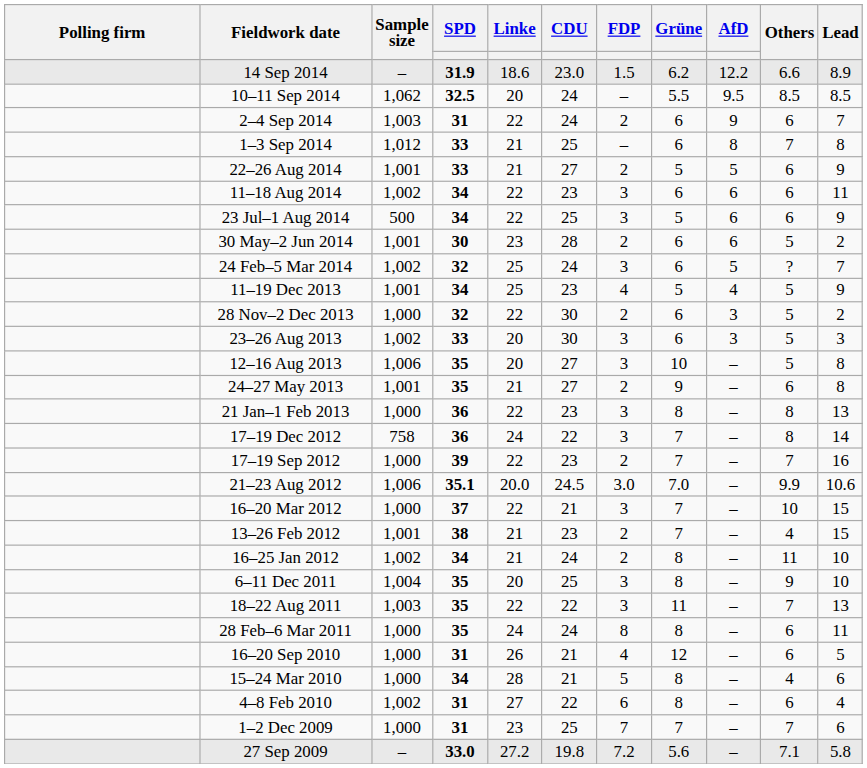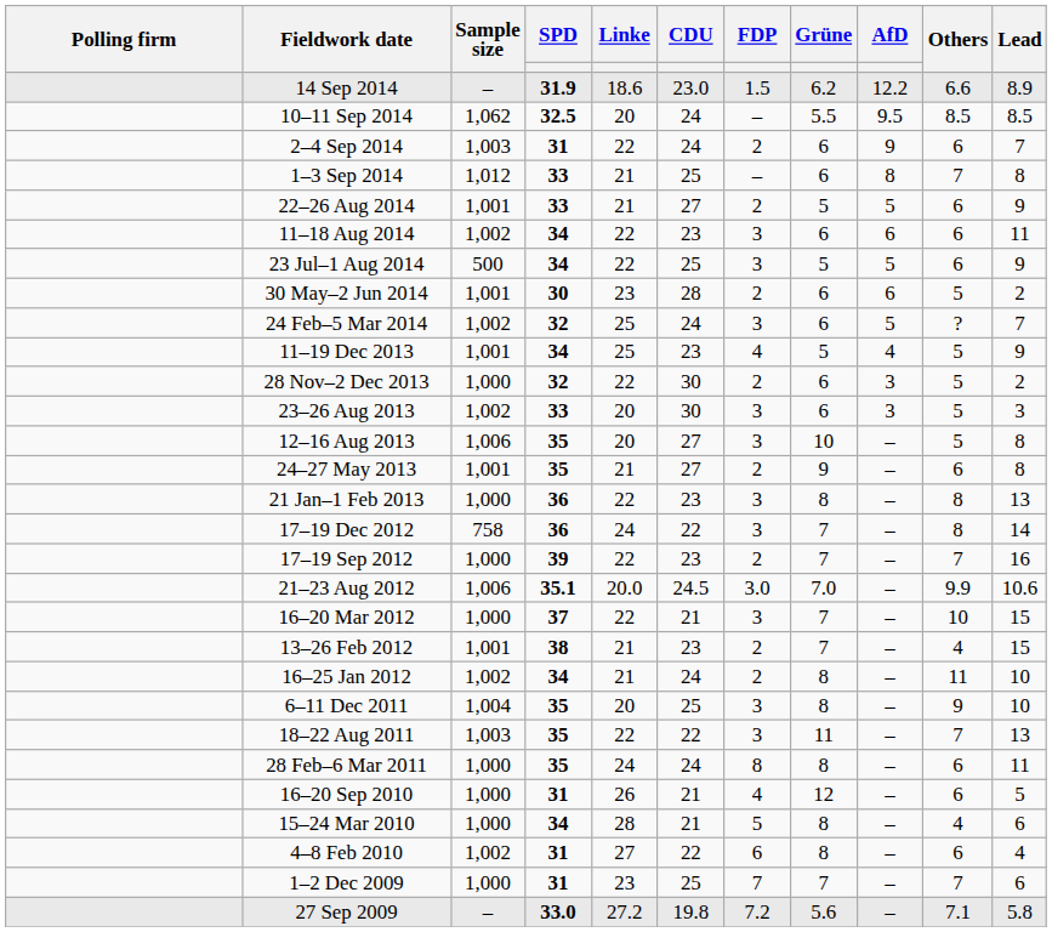 <table class="wikitable sortable" style="text-align:center;font-size:90%;line-height:14px;">
 <tr style="height:40px;">
 <th style="width:160px;" rowspan="2">Polling firm</th>
 <th style="width:140px;" rowspan="2">Fieldwork date</th>
 <th style="width:35px;" rowspan="2">Sample<br>size</th>
 <th class="unsortable" style="width:40px;"><a href='#'>SPD</a></th>
 <th class="unsortable" style="width:40px;"><a href='#'>Linke</a></th>
 <th class="unsortable" style="width:40px;"><a href='#'>CDU</a></th>
 <th class="unsortable" style="width:40px;"><a href='#'>FDP</a></th>
 <th class="unsortable" style="width:40px;"><a href='#'>Grüne</a></th>
 <th class="unsortable" style="width:40px;"><a href='#'>AfD</a></th>
 <th class="unsortable" style="width:40px;" rowspan="2">Others</th>
 <th style="width:30px;" rowspan="2">Lead</th>
 </tr>
 <tr>
 <th style="background:"></th>
 <th style="background:"></th>
 <th style="background:"></th>
 <th style="background:"></th>
 <th style="background:"></th>
 <th style="background:"></th>
 </tr>
 <tr style="background:#E9E9E9;">
 <td></td>
 <td data-sort-value="2014-09-14">14 Sep 2014</td>
 <td>–</td>
 <td><strong>31.9</strong></td>
 <td>18.6</td>
 <td>23.0</td>
 <td>1.5</td>
 <td>6.2</td>
 <td>12.2</td>
 <td>6.6</td>
 <td style="background:">8.9</td>
 </tr>
 <tr>
 <td></td>
 <td data-sort-value="2014-09-11">10–11 Sep 2014</td>
 <td>1,062</td>
 <td><strong>32.5</strong></td>
 <td>20</td>
 <td>24</td>
 <td>–</td>
 <td>5.5</td>
 <td>9.5</td>
 <td>8.5</td>
 <td style="background:">8.5</td>
 </tr>
 <tr>
 <td></td>
 <td data-sort-value="2014-09-04">2–4 Sep 2014</td>
 <td>1,003</td>
 <td><strong>31</strong></td>
 <td>22</td>
 <td>24</td>
 <td>2</td>
 <td>6</td>
 <td>9</td>
 <td>6</td>
 <td style="background:">7</td>
 </tr>
 <tr>
 <td></td>
 <td data-sort-value="2014-09-04">1–3 Sep 2014</td>
 <td>1,012</td>
 <td><strong>33</strong></td>
 <td>21</td>
 <td>25</td>
 <td>–</td>
 <td>6</td>
 <td>8</td>
 <td>7</td>
 <td style="background:">8</td>
 </tr>
 <tr>
 <td></td>
 <td data-sort-value="2014-08-27">22–26 Aug 2014</td>
 <td>1,001</td>
 <td><strong>33</strong></td>
 <td>21</td>
 <td>27</td>
 <td>2</td>
 <td>5</td>
 <td>5</td>
 <td>6</td>
 <td style="background:">9</td>
 </tr>
 <tr>
 <td></td>
 <td data-sort-value="2014-08-23">11–18 Aug 2014</td>
 <td>1,002</td>
 <td><strong>34</strong></td>
 <td>22</td>
 <td>23</td>
 <td>3</td>
 <td>6</td>
 <td>6</td>
 <td>6</td>
 <td style="background:">11</td>
 </tr>
 <tr>
 <td></td>
 <td data-sort-value="2014-08-08">23 Jul–1 Aug 2014</td>
 <td>500</td>
 <td><strong>34</strong></td>
 <td>22</td>
 <td>25</td>
 <td>3</td>
 <td>5</td>
-<td>6</td>
+<td>5</td>
 <td>6</td>
 <td style="background:">9</td>
 </tr>
 <tr>
 <td></td>
 <td data-sort-value="2014-06-04">30 May–2 Jun 2014</td>
 <td>1,001</td>
 <td><strong>30</strong></td>
 <td>23</td>
 <td>28</td>
 <td>2</td>
 <td>6</td>
 <td>6</td>
 <td>5</td>
 <td style="background:">2</td>
 </tr>
 <tr>
 <td></td>
 <td data-sort-value="2014-03-14">24 Feb–5 Mar 2014</td>
 <td>1,002</td>
 <td><strong>32</strong></td>
 <td>25</td>
 <td>24</td>
 <td>3</td>
 <td>6</td>
 <td>5</td>
 <td>?</td>
 <td style="background:">7</td>
 </tr>
 <tr>
 <td></td>
 <td data-sort-value="2014-01-05">11–19 Dec 2013</td>
 <td>1,001</td>
 <td><strong>34</strong></td>
 <td>25</td>
 <td>23</td>
 <td>4</td>
 <td>5</td>
 <td>4</td>
 <td>5</td>
 <td style="background:">9</td>
 </tr>
 <tr>
 <td></td>
 <td data-sort-value="2013-12-04">28 Nov–2 Dec 2013</td>
 <td>1,000</td>
 <td><strong>32</strong></td>
 <td>22</td>
 <td>30</td>
 <td>2</td>
 <td>6</td>
 <td>3</td>
 <td>5</td>
 <td style="background:">2</td>
 </tr>
 <tr>
 <td></td>
 <td data-sort-value="2013-08-28">23–26 Aug 2013</td>
 <td>1,002</td>
 <td><strong>33</strong></td>
 <td>20</td>
 <td>30</td>
 <td>3</td>
 <td>6</td>
 <td>3</td>
 <td>5</td>
 <td style="background:">3</td>
 </tr>
 <tr>
 <td></td>
 <td data-sort-value="2013-08-26">12–16 Aug 2013</td>
 <td>1,006</td>
 <td><strong>35</strong></td>
 <td>20</td>
 <td>27</td>
 <td>3</td>
 <td>10</td>
 <td>–</td>
 <td>5</td>
 <td style="background:">8</td>
 </tr>
 <tr>
 <td></td>
 <td data-sort-value="2013-05-29">24–27 May 2013</td>
 <td>1,001</td>
 <td><strong>35</strong></td>
 <td>21</td>
 <td>27</td>
 <td>2</td>
 <td>9</td>
 <td>–</td>
 <td>6</td>
 <td style="background:">8</td>
 </tr>
 <tr>
 <td></td>
 <td data-sort-value="2013-02-26">21 Jan–1 Feb 2013</td>
 <td>1,000</td>
 <td><strong>36</strong></td>
 <td>22</td>
 <td>23</td>
 <td>3</td>
 <td>8</td>
 <td>–</td>
 <td>8</td>
 <td style="background:">13</td>
 </tr>
 <tr>
 <td></td>
 <td data-sort-value="2013-01-02">17–19 Dec 2012</td>
 <td>758</td>
 <td><strong>36</strong></td>
 <td>24</td>
 <td>22</td>
 <td>3</td>
 <td>7</td>
 <td>–</td>
 <td>8</td>
 <td style="background:">14</td>
 </tr>
 <tr>
 <td></td>
 <td data-sort-value="2012-09-20">17–19 Sep 2012</td>
 <td>1,000</td>
 <td><strong>39</strong></td>
 <td>22</td>
 <td>23</td>
 <td>2</td>
 <td>7</td>
 <td>–</td>
 <td>7</td>
 <td style="background:">16</td>
 </tr>
 <tr>
 <td></td>
 <td data-sort-value="2012-08-27">21–23 Aug 2012</td>
 <td>1,006</td>
 <td><strong>35.1</strong></td>
 <td>20.0</td>
 <td>24.5</td>
 <td>3.0</td>
 <td>7.0</td>
 <td>–</td>
 <td>9.9</td>
 <td style="background:">10.6</td>
 </tr>
 <tr>
 <td></td>
 <td data-sort-value="2012-03-21">16–20 Mar 2012</td>
 <td>1,000</td>
 <td><strong>37</strong></td>
 <td>22</td>
 <td>21</td>
 <td>3</td>
 <td>7</td>
 <td>–</td>
 <td>10</td>
 <td style="background:">15</td>
 </tr>
 <tr>
 <td></td>
 <td data-sort-value="2012-03-07">13–26 Feb 2012</td>
 <td>1,001</td>
 <td><strong>38</strong></td>
 <td>21</td>
 <td>23</td>
 <td>2</td>
 <td>7</td>
 <td>–</td>
 <td>4</td>
 <td style="background:">15</td>
 </tr>
 <tr>
 <td></td>
 <td data-sort-value="2012-02-08">16–25 Jan 2012</td>
 <td>1,002</td>
 <td><strong>34</strong></td>
 <td>21</td>
 <td>24</td>
 <td>2</td>
 <td>8</td>
 <td>–</td>
 <td>11</td>
 <td style="background:">10</td>
 </tr>
 <tr>
 <td></td>
 <td data-sort-value="2011-12-13">6–11 Dec 2011</td>
 <td>1,004</td>
 <td><strong>35</strong></td>
 <td>20</td>
 <td>25</td>
 <td>3</td>
 <td>8</td>
 <td>–</td>
 <td>9</td>
 <td style="background:">10</td>
 </tr>
 <tr>
 <td></td>
 <td data-sort-value="2011-08-24">18–22 Aug 2011</td>
 <td>1,003</td>
 <td><strong>35</strong></td>
 <td>22</td>
 <td>22</td>
 <td>3</td>
 <td>11</td>
 <td>–</td>
 <td>7</td>
 <td style="background:">13</td>
 </tr>
 <tr>
 <td></td>
 <td data-sort-value="2011-03-10">28 Feb–6 Mar 2011</td>
 <td>1,000</td>
 <td><strong>35</strong></td>
 <td>24</td>
 <td>24</td>
 <td>8</td>
 <td>8</td>
 <td>–</td>
 <td>6</td>
 <td style="background:">11</td>
 </tr>
 <tr>
 <td></td>
 <td data-sort-value="2010-09-22">16–20 Sep 2010</td>
 <td>1,000</td>
 <td><strong>31</strong></td>
 <td>26</td>
 <td>21</td>
 <td>4</td>
 <td>12</td>
 <td>–</td>
 <td>6</td>
 <td style="background:">5</td>
 </tr>
 <tr>
 <td></td>
 <td data-sort-value="2010-04-01">15–24 Mar 2010</td>
 <td>1,000</td>
 <td><strong>34</strong></td>
 <td>28</td>
 <td>21</td>
 <td>5</td>
 <td>8</td>
 <td>–</td>
 <td>4</td>
 <td style="background:">6</td>
 </tr>
 <tr>
 <td></td>
 <td data-sort-value="2010-02-10">4–8 Feb 2010</td>
 <td>1,002</td>
 <td><strong>31</strong></td>
 <td>27</td>
 <td>22</td>
 <td>6</td>
 <td>8</td>
 <td>–</td>
 <td>6</td>
 <td style="background:">4</td>
 </tr>
 <tr>
 <td></td>
 <td data-sort-value="2009-12-03">1–2 Dec 2009</td>
 <td>1,000</td>
 <td><strong>31</strong></td>
 <td>23</td>
 <td>25</td>
 <td>7</td>
 <td>7</td>
 <td>–</td>
 <td>7</td>
 <td style="background:">6</td>
 </tr>
 <tr style="background:#E9E9E9;">
 <td></td>
 <td data-sort-value="2009-09-27">27 Sep 2009</td>
 <td>–</td>
 <td><strong>33.0</strong></td>
 <td>27.2</td>
 <td>19.8</td>
 <td>7.2</td>
 <td>5.6</td>
 <td>–</td>
 <td>7.1</td>
 <td style="background:">5.8</td>
 </tr>
 </table>
